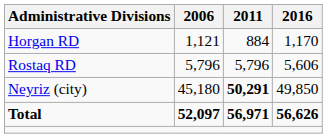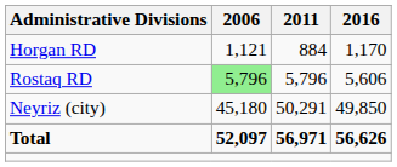 <table class="wikitable">
 <tr>
 <th>Administrative Divisions</th>
 <th>2006</th>
 <th>2011</th>
 <th>2016</th>
 </tr>
 <tr>
 <td><a href='#'>Horgan RD</a></td>
 <td style="text-align: right;">1,121</td>
 <td style="text-align: right;">884</td>
 <td style="text-align: right;">1,170</td>
 </tr>
 <tr>
 <td><a href='#'>Rostaq RD</a></td>
-<td style="text-align: right;">5,796</td>
+<td style="background: lightgreen; text-align: right;">5,796</td>
 <td style="text-align: right;">5,796</td>
 <td style="text-align: right;">5,606</td>
 </tr>
 <tr>
 <td><a href='#'>Neyriz</a> (city)</td>
 <td style="text-align: right;">45,180</td>
-<td style="text-align: right;"><strong>50,291</strong></td>
+<td style="text-align: right;">50,291</td>
 <td style="text-align: right;">49,850</td>
 </tr>
 <tr>
 <td><strong>Total</strong></td>
 <td style="text-align: right;"><strong>52,097</strong></td>
 <td style="text-align: right;"><strong>56,971</strong></td>
 <td style="text-align: right;"><strong>56,626</strong></td>
 </tr>
 <tr>
 <td colspan=4></td>
 </tr>
 </table>
